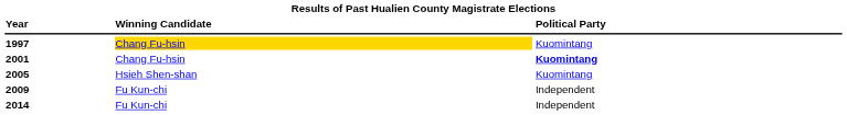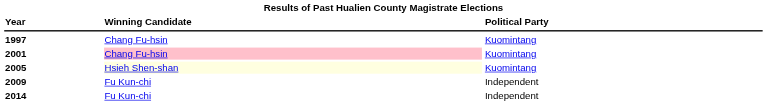 <table id="toc" style="margin:1em auto; width: 90%; font-size: 90%;" cellspacing="3">
 <tr>
 <td colspan="3" align="center"><strong>Results of Past Hualien County Magistrate Elections</strong></td>
 </tr>
 <tr>
 <td><strong>Year</strong></td>
 <td><strong> Winning Candidate</strong></td>
 <td><strong>Political Party</strong></td>
 </tr>
 <tr>
 <th bgcolor="#000000" colspan="5"></th>
 </tr>
 <tr>
 <td><strong>1997</strong></td>
-<td style="background: gold;"><a href='#'>Chang Fu-hsin</a></td>
+<td><a href='#'>Chang Fu-hsin</a></td>
 <td> <a href='#'>Kuomintang</a></td>
 </tr>
 <tr>
 <td><strong>2001</strong></td>
-<td><a href='#'>Chang Fu-hsin</a></td>
-<td><strong> <a href='#'>Kuomintang</a></strong></td>
+<td style="background: pink;"><a href='#'>Chang Fu-hsin</a></td>
+<td> <a href='#'>Kuomintang</a></td>
 </tr>
 <tr>
 <td><strong>2005</strong></td>
-<td><a href='#'>Hsieh Shen-shan</a></td>
+<td style="background: lightyellow;"><a href='#'>Hsieh Shen-shan</a></td>
 <td> <a href='#'>Kuomintang</a></td>
 </tr>
 <tr>
 <td><strong>2009</strong></td>
 <td><a href='#'>Fu Kun-chi</a></td>
 <td> Independent</td>
 </tr>
 <tr>
 <td><strong>2014</strong></td>
 <td><a href='#'>Fu Kun-chi</a></td>
 <td> Independent</td>
 </tr>
 </table>
